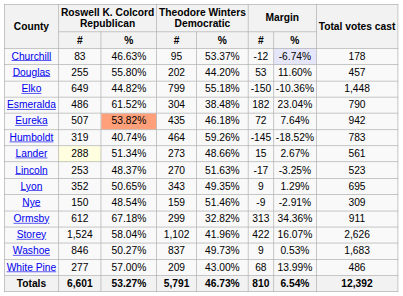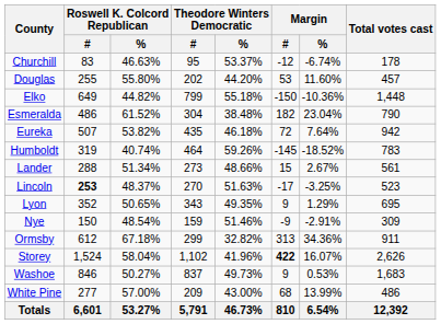 <table class="wikitable sortable" style="text-align:center">
 <tr>
 <th rowspan="2">County</th>
 <th style="text-align:center;" colspan="2">Roswell K. Colcord<br>Republican</th>
 <th style="text-align:center;" colspan="2">Theodore Winters<br>Democratic</th>
 <th style="text-align:center;" colspan="2">Margin</th>
 <th style="text-align:center;" rowspan="2">Total votes cast</th>
 </tr>
 <tr>
 <th style="text-align:center;" data-sort-type="number">#</th>
 <th style="text-align:center;" data-sort-type="number">%</th>
 <th style="text-align:center;" data-sort-type="number">#</th>
 <th style="text-align:center;" data-sort-type="number">%</th>
 <th style="text-align:center;" data-sort-type="number">#</th>
 <th style="text-align:center;" data-sort-type="number">%</th>
 </tr>
 <tr style="text-align:center;">
 <td><a href='#'>Churchill</a></td>
 <td>83</td>
 <td>46.63%</td>
 <td>95</td>
 <td>53.37%</td>
 <td>-12</td>
-<td style="background: lavender;">-6.74%</td>
+<td>-6.74%</td>
 <td>178</td>
 </tr>
 <tr style="text-align:center;">
 <td><a href='#'>Douglas</a></td>
 <td>255</td>
 <td>55.80%</td>
 <td>202</td>
 <td>44.20%</td>
 <td>53</td>
 <td>11.60%</td>
 <td>457</td>
 </tr>
 <tr style="text-align:center;">
 <td><a href='#'>Elko</a></td>
 <td>649</td>
 <td>44.82%</td>
 <td>799</td>
 <td>55.18%</td>
 <td>-150</td>
 <td>-10.36%</td>
 <td>1,448</td>
 </tr>
 <tr style="text-align:center;">
 <td><a href='#'>Esmeralda</a></td>
 <td>486</td>
 <td>61.52%</td>
 <td>304</td>
 <td>38.48%</td>
 <td>182</td>
 <td>23.04%</td>
 <td>790</td>
 </tr>
 <tr style="text-align:center;">
 <td><a href='#'>Eureka</a></td>
 <td>507</td>
-<td style="background: lightsalmon;">53.82%</td>
+<td>53.82%</td>
 <td>435</td>
 <td>46.18%</td>
 <td>72</td>
 <td>7.64%</td>
 <td>942</td>
 </tr>
 <tr style="text-align:center;">
 <td><a href='#'>Humboldt</a></td>
 <td>319</td>
 <td>40.74%</td>
 <td>464</td>
 <td>59.26%</td>
 <td>-145</td>
 <td>-18.52%</td>
 <td>783</td>
 </tr>
 <tr style="text-align:center;">
 <td><a href='#'>Lander</a></td>
-<td style="background: lightyellow;">288</td>
+<td>288</td>
 <td>51.34%</td>
 <td>273</td>
 <td>48.66%</td>
 <td>15</td>
 <td>2.67%</td>
 <td>561</td>
 </tr>
 <tr style="text-align:center;">
 <td><a href='#'>Lincoln</a></td>
-<td>253</td>
+<td><strong>253</strong></td>
 <td>48.37%</td>
 <td>270</td>
 <td>51.63%</td>
 <td>-17</td>
 <td>-3.25%</td>
 <td>523</td>
 </tr>
 <tr style="text-align:center;">
 <td><a href='#'>Lyon</a></td>
 <td>352</td>
 <td>50.65%</td>
 <td>343</td>
 <td>49.35%</td>
 <td>9</td>
 <td>1.29%</td>
 <td>695</td>
 </tr>
 <tr style="text-align:center;">
 <td><a href='#'>Nye</a></td>
 <td>150</td>
 <td>48.54%</td>
 <td>159</td>
 <td>51.46%</td>
 <td>-9</td>
 <td>-2.91%</td>
 <td>309</td>
 </tr>
 <tr style="text-align:center;">
 <td><a href='#'>Ormsby</a></td>
 <td>612</td>
 <td>67.18%</td>
 <td>299</td>
 <td>32.82%</td>
 <td>313</td>
 <td>34.36%</td>
 <td>911</td>
 </tr>
 <tr style="text-align:center;">
 <td><a href='#'>Storey</a></td>
 <td>1,524</td>
 <td>58.04%</td>
 <td>1,102</td>
 <td>41.96%</td>
-<td>422</td>
+<td><strong>422</strong></td>
 <td>16.07%</td>
 <td>2,626</td>
 </tr>
 <tr style="text-align:center;">
 <td><a href='#'>Washoe</a></td>
 <td>846</td>
 <td>50.27%</td>
 <td>837</td>
 <td>49.73%</td>
 <td>9</td>
 <td>0.53%</td>
 <td>1,683</td>
 </tr>
 <tr style="text-align:center;">
 <td><a href='#'>White Pine</a></td>
 <td>277</td>
 <td>57.00%</td>
 <td>209</td>
 <td>43.00%</td>
 <td>68</td>
 <td>13.99%</td>
 <td>486</td>
 </tr>
 <tr style="text-align:center;">
 <th>Totals</th>
 <th>6,601</th>
 <th>53.27%</th>
 <th>5,791</th>
 <th>46.73%</th>
 <th>810</th>
 <th>6.54%</th>
 <th>12,392</th>
 </tr>
 </table>
